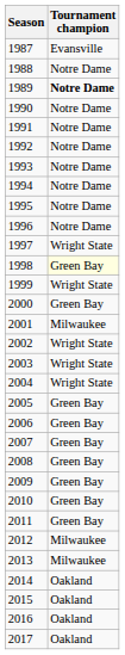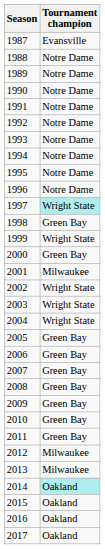 <table class="wikitable sortable">
 <tr>
 <th>Season</th>
 <th>Tournament<br>champion</th>
 </tr>
 <tr>
 <td>1987</td>
 <td>Evansville</td>
 </tr>
 <tr>
 <td>1988</td>
 <td>Notre Dame</td>
 </tr>
 <tr>
 <td>1989</td>
-<td><strong>Notre Dame</strong></td>
+<td>Notre Dame</td>
 </tr>
 <tr>
 <td>1990</td>
 <td>Notre Dame</td>
 </tr>
 <tr>
 <td>1991</td>
 <td>Notre Dame</td>
 </tr>
 <tr>
 <td>1992</td>
 <td>Notre Dame</td>
 </tr>
 <tr>
 <td>1993</td>
 <td>Notre Dame</td>
 </tr>
 <tr>
 <td>1994</td>
 <td>Notre Dame</td>
 </tr>
 <tr>
 <td>1995</td>
 <td>Notre Dame</td>
 </tr>
 <tr>
 <td>1996</td>
 <td>Notre Dame</td>
 </tr>
 <tr>
 <td>1997</td>
-<td>Wright State</td>
+<td style="background: paleturquoise;">Wright State</td>
 </tr>
 <tr>
 <td>1998</td>
-<td style="background: lightyellow;">Green Bay</td>
+<td>Green Bay</td>
 </tr>
 <tr>
 <td>1999</td>
 <td>Wright State</td>
 </tr>
 <tr>
 <td>2000</td>
 <td>Green Bay</td>
 </tr>
 <tr>
 <td>2001</td>
 <td>Milwaukee</td>
 </tr>
 <tr>
 <td>2002</td>
 <td>Wright State</td>
 </tr>
 <tr>
 <td>2003</td>
 <td>Wright State</td>
 </tr>
 <tr>
 <td>2004</td>
 <td>Wright State</td>
 </tr>
 <tr>
 <td>2005</td>
 <td>Green Bay</td>
 </tr>
 <tr>
 <td>2006</td>
 <td>Green Bay</td>
 </tr>
 <tr>
 <td>2007</td>
 <td>Green Bay</td>
 </tr>
 <tr>
 <td>2008</td>
 <td>Green Bay</td>
 </tr>
 <tr>
 <td>2009</td>
 <td>Green Bay</td>
 </tr>
 <tr>
 <td>2010</td>
 <td>Green Bay</td>
 </tr>
 <tr>
 <td>2011</td>
 <td>Green Bay</td>
 </tr>
 <tr>
 <td>2012</td>
 <td>Milwaukee</td>
 </tr>
 <tr>
 <td>2013</td>
 <td>Milwaukee</td>
 </tr>
 <tr>
 <td>2014</td>
-<td>Oakland</td>
+<td style="background: paleturquoise;">Oakland</td>
 </tr>
 <tr>
 <td>2015</td>
 <td>Oakland</td>
 </tr>
 <tr>
 <td>2016</td>
 <td>Oakland</td>
 </tr>
 <tr>
 <td>2017</td>
 <td>Oakland</td>
 </tr>
 </table>
